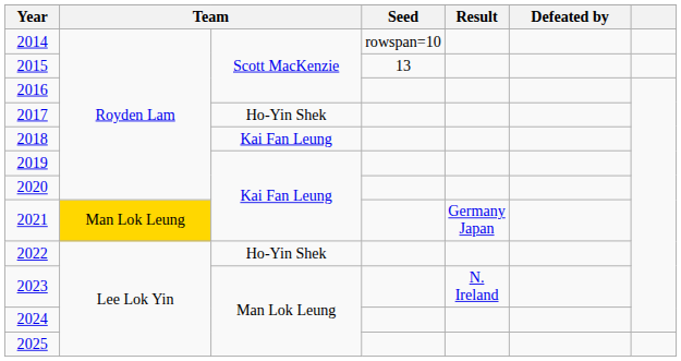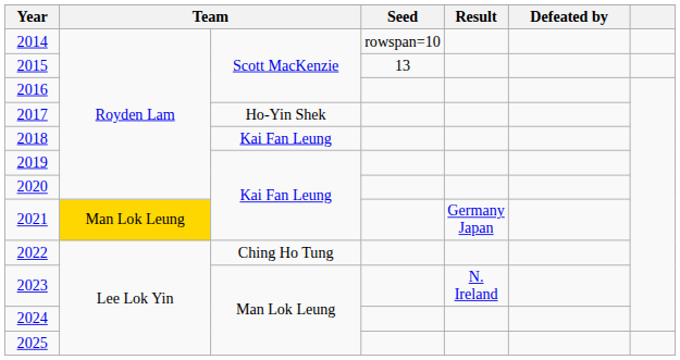 <table class="wikitable" style="text-align: center;">
 <tr style= "background: #e2e2e2;">
 </tr>
 <tr style="background: #efefef;">
 <th width=50px>Year</th>
 <th colspan="2">Team</th>
 <th width=50px>Seed</th>
 <th width=50px>Result</th>
 <th width=120px>Defeated by</th>
 <th width=40px></th>
 </tr>
 <tr>
 <td><a href='#'>2014</a></td>
 <td rowspan=7 width=150px><a href='#'>Royden Lam</a></td>
 <td rowspan=3 width=150px><a href='#'>Scott MacKenzie</a></td>
 <td>rowspan=10 </td>
 <td></td>
 <td> </td>
 <td></td>
 </tr>
 <tr>
 <td><a href='#'>2015</a></td>
 <td>13</td>
 <td></td>
 <td> </td>
 <td></td>
 </tr>
 <tr>
 <td><a href='#'>2016</a></td>
 <td></td>
 <td> </td>
 <td></td>
 </tr>
 <tr>
 <td><a href='#'>2017</a></td>
 <td>Ho-Yin Shek</td>
 <td></td>
 <td> </td>
 <td></td>
 </tr>
 <tr>
 <td><a href='#'>2018</a></td>
 <td><a href='#'>Kai Fan Leung</a></td>
 <td></td>
 <td> </td>
 <td></td>
 </tr>
 <tr>
 <td><a href='#'>2019</a></td>
 <td rowspan=3><a href='#'>Kai Fan Leung</a></td>
 <td></td>
 <td> </td>
 <td></td>
 </tr>
 <tr>
 <td><a href='#'>2020</a></td>
 <td></td>
 <td> </td>
 <td></td>
 </tr>
 <tr>
 <td><a href='#'>2021</a></td>
 <td style="background: gold;">Man Lok Leung</td>
 <td></td>
 <td> <a href='#'>Germany</a><br> <a href='#'>Japan</a></td>
 <td></td>
 </tr>
 <tr>
 <td><a href='#'>2022</a></td>
 <td rowspan=4>Lee Lok Yin</td>
-<td>Ho-Yin Shek</td>
+<td>Ching Ho Tung</td>
 <td></td>
 <td> </td>
 <td></td>
 </tr>
 <tr>
 <td><a href='#'>2023</a></td>
 <td rowspan=3>Man Lok Leung</td>
 <td></td>
 <td> <a href='#'>N. Ireland</a></td>
 <td></td>
 </tr>
 <tr>
 <td><a href='#'>2024</a></td>
 <td></td>
 <td> </td>
 <td></td>
 </tr>
 <tr>
 <td><a href='#'>2025</a></td>
 <td></td>
 <td></td>
 <td></td>
 <td></td>
 </tr>
 </table>
